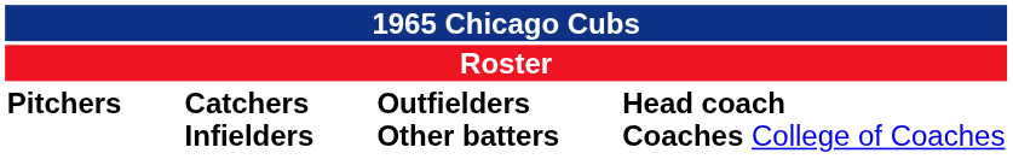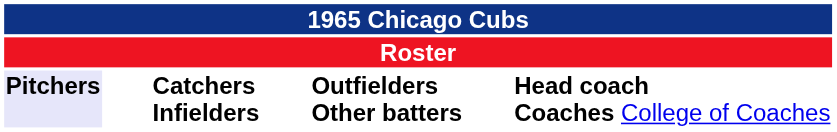 <table class="toccolours" style="font-size: 95%;">
 <tr>
 <th colspan="10" style="background-color: #0e3386; color: white; text-align: center;">1965 Chicago Cubs</th>
 </tr>
 <tr>
 <td colspan="10" style="background-color: #EE1422; color: white; text-align: center;"><strong>Roster</strong></td>
 </tr>
 <tr>
-<td valign="top"><strong>Pitchers</strong><br>              </td>
+<td valign="top" style="background: lavender;"><strong>Pitchers</strong><br>              </td>
 <td width="25px"></td>
 <td valign="top"><strong>Catchers</strong><br>     <strong>Infielders</strong>       </td>
 <td width="25px"></td>
 <td valign="top"><strong>Outfielders</strong><br>          <strong>Other batters</strong>   </td>
 <td width="25px"></td>
 <td valign="top"><strong>Head coach</strong><br>  <strong>Coaches</strong> <a href='#'>College of Coaches</a></td>
 </tr>
 <tr>
 </tr>
 </table>
